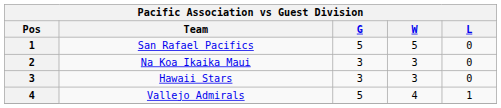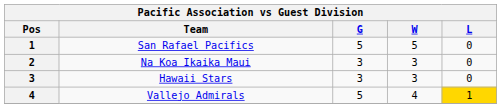 <table class="wikitable"  style="width:50%; text-align:center;">
 <tr>
 <th colspan="6">Pacific Association vs Guest Division</th>
 </tr>
 <tr>
 <th scope="col" width="5%">Pos</th>
 <th scope="col" width="25%">Team</th>
 <th scope="col" width="5%"><a href='#'>G</a></th>
 <th scope="col" width="5%"><a href='#'>W</a></th>
 <th scope="col" width="5%"><a href='#'>L</a></th>
 </tr>
 <tr>
 <th>1</th>
 <td style="text-align:center;"><a href='#'>San Rafael Pacifics</a></td>
 <td>5</td>
 <td>5</td>
 <td>0</td>
 </tr>
 <tr>
 <th>2</th>
 <td style="text-align:center;"><a href='#'>Na Koa Ikaika Maui</a></td>
 <td>3</td>
 <td>3</td>
 <td>0</td>
 </tr>
 <tr>
 <th>3</th>
 <td style="text-align:center;"><a href='#'>Hawaii Stars</a></td>
 <td>3</td>
 <td>3</td>
 <td>0</td>
 </tr>
 <tr>
 <th>4</th>
 <td style="text-align:center;"><a href='#'>Vallejo Admirals</a></td>
 <td>5</td>
 <td>4</td>
-<td>1</td>
+<td style="background: gold;">1</td>
 </tr>
 <tr>
 </tr>
 </table>
